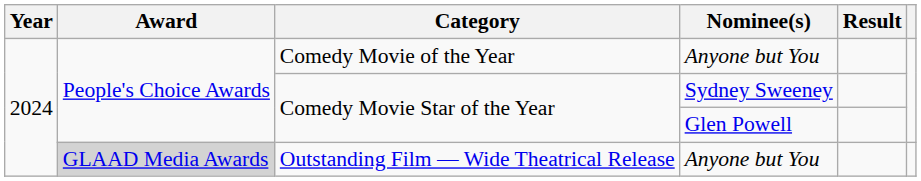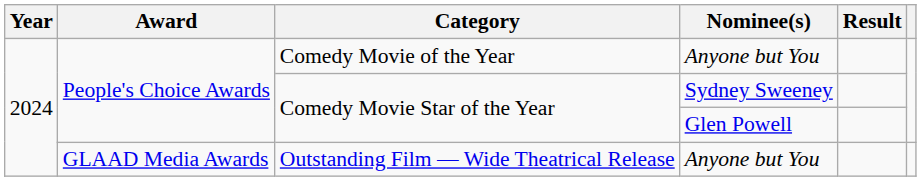 <table class="wikitable">
 <tr>
 <th>Year</th>
 <th>Award</th>
 <th>Category</th>
 <th>Nominee(s)</th>
 <th>Result</th>
 <th></th>
 </tr>
 <tr>
 <td rowspan="4">2024</td>
 <td rowspan="3"><a href='#'>People's Choice Awards</a></td>
 <td>Comedy Movie of the Year</td>
 <td><em>Anyone but You</em></td>
 <td></td>
 <td rowspan="3"></td>
 </tr>
 <tr>
 <td rowspan="2">Comedy Movie Star of the Year</td>
 <td><a href='#'>Sydney Sweeney</a></td>
 <td></td>
 </tr>
 <tr>
 <td><a href='#'>Glen Powell</a></td>
 <td></td>
 </tr>
 <tr>
-<td style="background: lightgrey;"><a href='#'>GLAAD Media Awards</a></td>
+<td><a href='#'>GLAAD Media Awards</a></td>
 <td><a href='#'>Outstanding Film — Wide Theatrical Release</a></td>
 <td><em>Anyone but You</em></td>
 <td></td>
 <td></td>
 </tr>
 </table>
